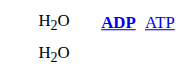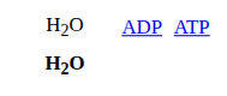 <table style="background: white; text-align:center;">
 <tr>
 <td rowspan="5"></td>
 <td colspan="2" style="width:75px"></td>
 <td rowspan="5"></td>
 <td colspan="2" style="width:75px"></td>
 <td rowspan="5"></td>
 </tr>
 <tr>
 <td></td>
 <td>H<sub>2</sub>O</td>
-<td><strong><a href='#'>ADP</a></strong></td>
+<td><a href='#'>ADP</a></td>
 <td><a href='#'>ATP</a></td>
 </tr>
 <tr>
 <td colspan="2" style="width:75px"></td>
 <td colspan="2" style="width:75px"></td>
 </tr>
 <tr>
 <td></td>
-<td>H<sub>2</sub>O</td>
+<td><strong>H<sub>2</sub>O</strong></td>
 <td></td>
 <td></td>
 </tr>
 <tr>
 <td colspan="2" style="width:75px"></td>
 <td colspan="2" style="width:75px"></td>
 </tr>
 <tr>
 </tr>
 </table>
